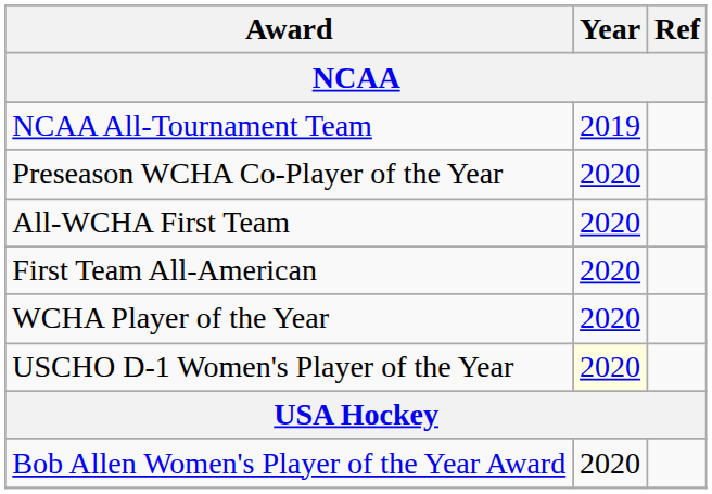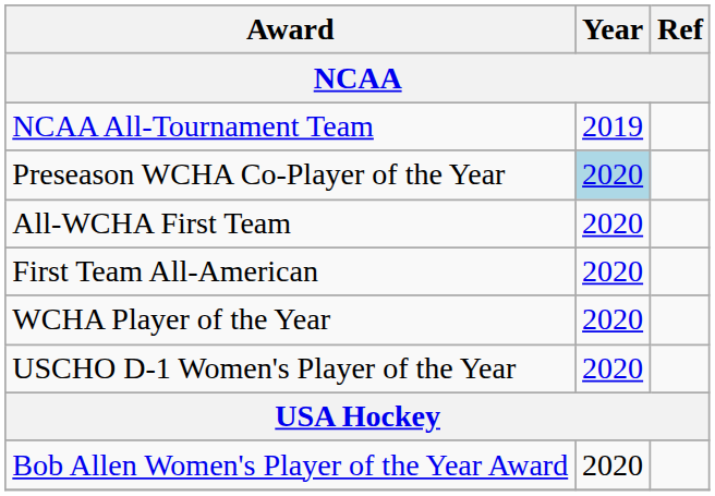 <table class="wikitable">
 <tr>
 <th>Award</th>
 <th>Year</th>
 <th>Ref</th>
 </tr>
 <tr>
 <th colspan="3"><a href='#'>NCAA</a></th>
 </tr>
 <tr>
 <td><a href='#'>NCAA All-Tournament Team</a></td>
 <td><a href='#'>2019</a></td>
 <td></td>
 </tr>
 <tr>
 <td>Preseason WCHA Co-Player of the Year</td>
-<td><a href='#'>2020</a></td>
+<td style="background: lightblue;"><a href='#'>2020</a></td>
 <td></td>
 </tr>
 <tr>
 <td>All-WCHA First Team</td>
 <td><a href='#'>2020</a></td>
 <td></td>
 </tr>
 <tr>
 <td>First Team All-American</td>
 <td><a href='#'>2020</a></td>
 <td></td>
 </tr>
 <tr>
 <td>WCHA Player of the Year</td>
 <td><a href='#'>2020</a></td>
 <td></td>
 </tr>
 <tr>
 <td>USCHO D-1 Women's Player of the Year</td>
-<td style="background: lightyellow;"><a href='#'>2020</a></td>
+<td><a href='#'>2020</a></td>
 <td></td>
 </tr>
 <tr>
 <th colspan="3"><a href='#'>USA Hockey</a></th>
 </tr>
 <tr>
 <td><a href='#'>Bob Allen Women's Player of the Year Award</a></td>
 <td>2020</td>
 <td></td>
 </tr>
 <tr>
 </tr>
 </table>
